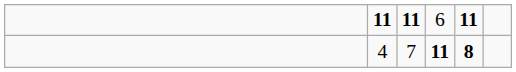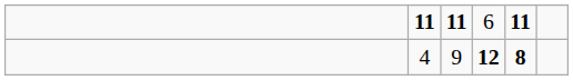 <table class="wikitable">
 <tr>
 <td style="width:18em"><strong></strong></td>
 <td align=center style="width:1em"><strong>11</strong></td>
 <td align=center style="width:1em"><strong>11</strong></td>
 <td align=center style="width:1em">6</td>
 <td align=center style="width:1em"><strong>11</strong></td>
 <td align=center style="width:1em"></td>
 </tr>
 <tr>
 <td style="width:18em"></td>
 <td align=center style="width:1em">4</td>
-<td align=center style="width:1em">7</td>
-<td align=center style="width:1em"><strong>11</strong></td>
+<td align=center style="width:1em">9</td>
+<td align=center style="width:1em"><strong>12</strong></td>
 <td align=center style="width:1em"><strong>8</strong></td>
 <td align=center style="width:1em"></td>
 </tr>
 </table>
